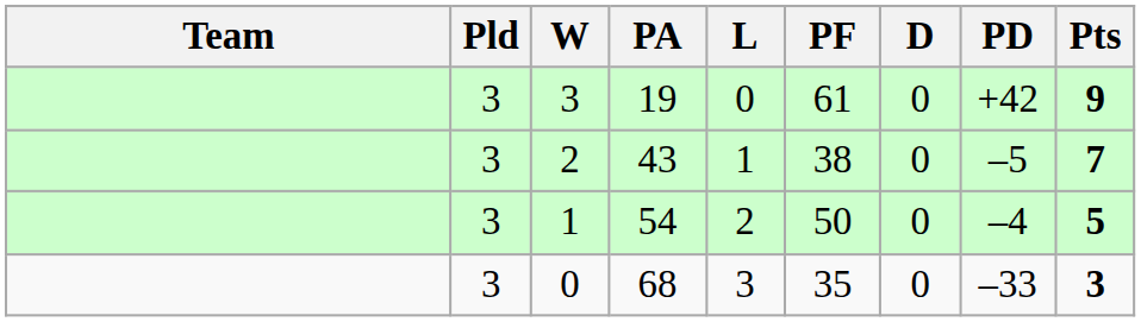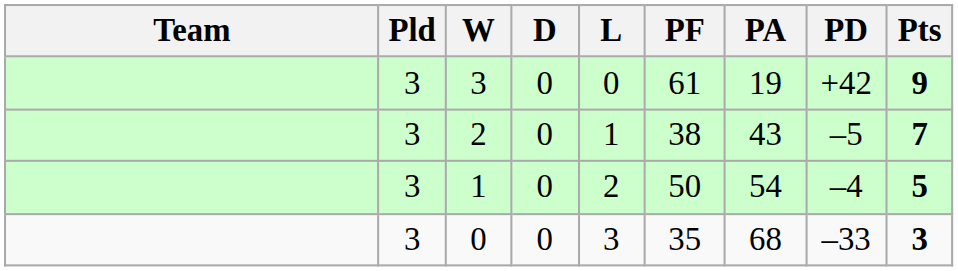 <table class="wikitable" style="text-align:center;">
 <tr>
 <th width=175>Team</th>
 <th width=25 abbr="Played">Pld</th>
 <th width=25 abbr="Won">W</th>
-<th width=32 abbr="Points against">PA</th>
+<th width=25 abbr="Drawn">D</th>
 <th width=25 abbr="Lost">L</th>
 <th width=32 abbr="Points for">PF</th>
-<th width=25 abbr="Drawn">D</th>
+<th width=32 abbr="Points against">PA</th>
 <th width=32 abbr="Points difference">PD</th>
 <th width=25 abbr="Points">Pts</th>
 </tr>
 <tr bgcolor=ccffcc>
 <td align=left></td>
 <td>3</td>
 <td>3</td>
-<td>19</td>
+<td>0</td>
 <td>0</td>
 <td>61</td>
-<td>0</td>
+<td>19</td>
 <td>+42</td>
 <td><strong>9</strong></td>
 </tr>
 <tr bgcolor=ccffcc>
 <td align=left></td>
 <td>3</td>
 <td>2</td>
-<td>43</td>
+<td>0</td>
 <td>1</td>
 <td>38</td>
-<td>0</td>
+<td>43</td>
 <td>–5</td>
 <td><strong>7</strong></td>
 </tr>
 <tr bgcolor=ccffcc>
 <td align=left></td>
 <td>3</td>
 <td>1</td>
-<td>54</td>
+<td>0</td>
 <td>2</td>
 <td>50</td>
-<td>0</td>
+<td>54</td>
 <td>–4</td>
 <td><strong>5</strong></td>
 </tr>
 <tr>
 <td align=left></td>
 <td>3</td>
 <td>0</td>
-<td>68</td>
+<td>0</td>
 <td>3</td>
 <td>35</td>
-<td>0</td>
+<td>68</td>
 <td>–33</td>
 <td><strong>3</strong></td>
 </tr>
 </table>
